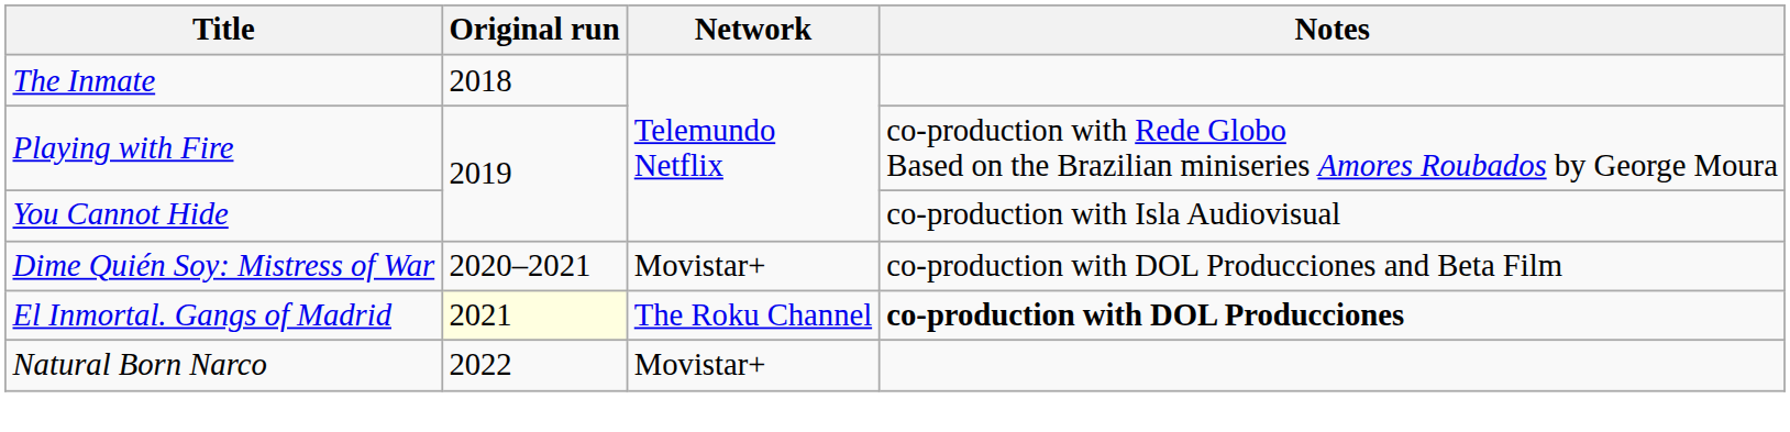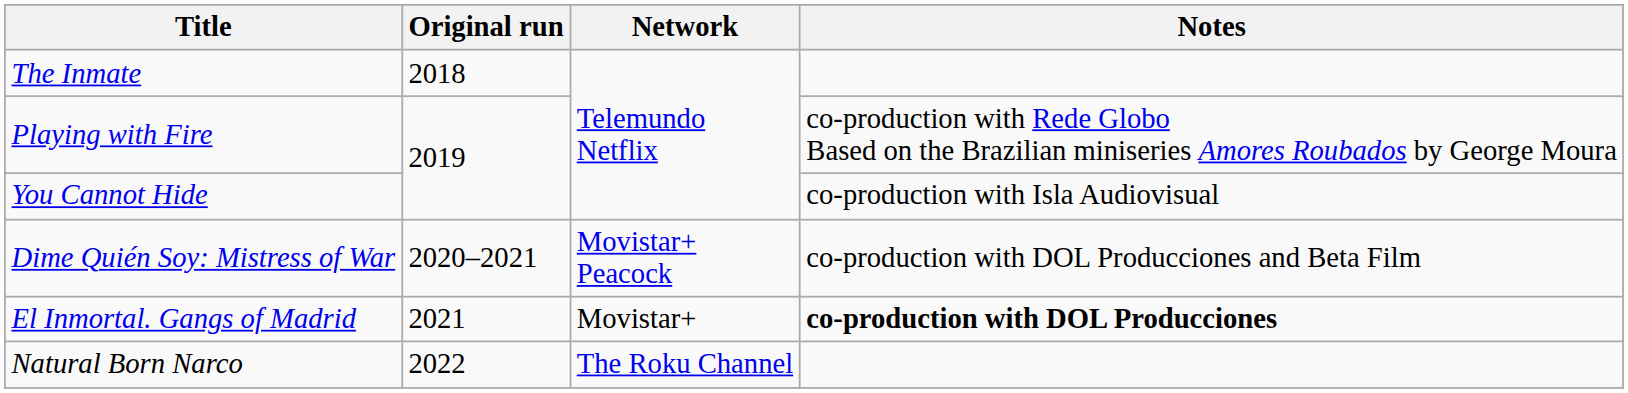 <table class="wikitable sortable">
 <tr>
 <th>Title</th>
 <th>Original run</th>
 <th>Network</th>
 <th>Notes</th>
 </tr>
 <tr>
 <td><em><a href='#'>The Inmate</a></em></td>
 <td>2018</td>
 <td rowspan="3"><a href='#'>Telemundo</a><br><a href='#'>Netflix</a></td>
 </tr>
 <tr>
 <td><em><a href='#'>Playing with Fire</a></em></td>
 <td rowspan="2">2019</td>
 <td>co-production with <a href='#'>Rede Globo</a><br>Based on the Brazilian miniseries <em><a href='#'>Amores Roubados</a></em> by George Moura</td>
 </tr>
 <tr>
 <td><em><a href='#'>You Cannot Hide</a></em></td>
 <td>co-production with Isla Audiovisual</td>
 </tr>
 <tr>
 <td><em><a href='#'>Dime Quién Soy: Mistress of War</a></em></td>
 <td>2020–2021</td>
-<td>Movistar+</td>
+<td><a href='#'>Movistar+</a><br><a href='#'>Peacock</a></td>
 <td>co-production with DOL Producciones and Beta Film</td>
 </tr>
 <tr>
 <td><em><a href='#'>El Inmortal. Gangs of Madrid</a></em></td>
-<td style="background: lightyellow;">2021</td>
-<td><a href='#'>The Roku Channel</a></td>
+<td>2021</td>
+<td>Movistar+</td>
 <td><strong>co-production with DOL Producciones</strong></td>
 </tr>
 <tr>
 <td><em>Natural Born Narco</em></td>
 <td>2022</td>
-<td>Movistar+</td>
+<td><a href='#'>The Roku Channel</a></td>
 <td></td>
 </tr>
 </table>
